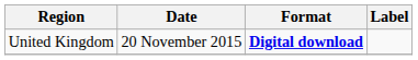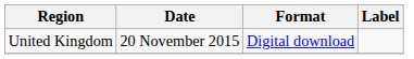 <table class=wikitable>
 <tr>
 <th>Region</th>
 <th>Date</th>
 <th>Format</th>
 <th>Label</th>
 </tr>
 <tr>
 <td>United Kingdom</td>
 <td>20 November 2015</td>
-<td><strong><a href='#'>Digital download</a></strong></td>
+<td><a href='#'>Digital download</a></td>
 <td></td>
 </tr>
 <tr>
 </tr>
 </table>
